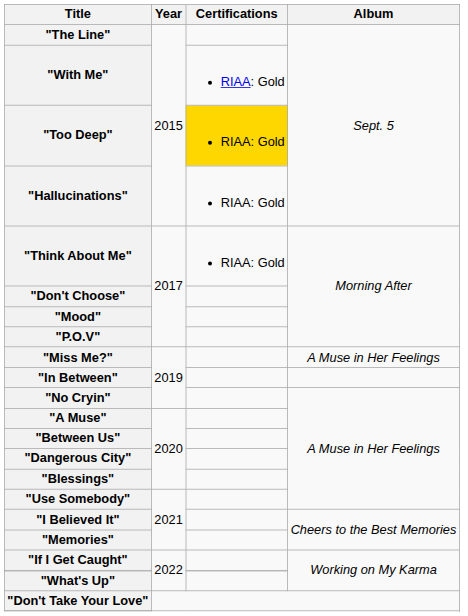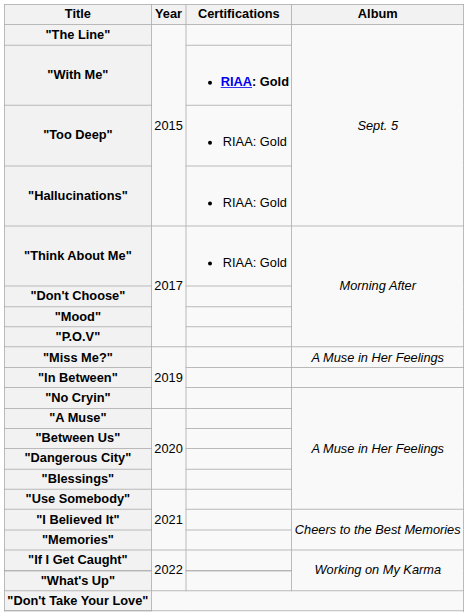 <table class="wikitable plainrowheaders" style="text-align:center;">
 <tr>
 <th scope="col">Title</th>
 <th scope="col">Year</th>
 <th scope="col">Certifications</th>
 <th scope="col">Album</th>
 </tr>
 <tr>
 <th scope="row">"The Line"</th>
 <td rowspan="4">2015</td>
 <td></td>
 <td rowspan="4"><em>Sept. 5</em></td>
 </tr>
 <tr>
 <th scope="row">"With Me"</th>
-<td><br><ul><li><a href='#'>RIAA</a>: Gold</li></ul></td>
+<td><strong><br><ul><li><a href='#'>RIAA</a>: Gold</li></ul></strong></td>
 </tr>
 <tr>
 <th scope="row">"Too Deep"</th>
-<td style="background: gold;"><br><ul><li>RIAA: Gold</li></ul></td>
+<td><br><ul><li>RIAA: Gold</li></ul></td>
 </tr>
 <tr>
 <th scope="row">"Hallucinations"</th>
 <td><br><ul><li>RIAA: Gold</li></ul></td>
 </tr>
 <tr>
 <th scope="row">"Think About Me"</th>
 <td rowspan="4">2017</td>
 <td><br><ul><li>RIAA: Gold</li></ul></td>
 <td rowspan="4"><em>Morning After</em></td>
 </tr>
 <tr>
 <th scope="row">"Don't Choose"</th>
 <td></td>
 </tr>
 <tr>
 <th scope="row">"Mood"</th>
 <td></td>
 </tr>
 <tr>
 <th scope="row">"P.O.V"</th>
 <td></td>
 </tr>
 <tr>
 <th scope="row">"Miss Me?"</th>
 <td rowspan="3">2019</td>
 <td></td>
 <td><em>A Muse in Her Feelings</em></td>
 </tr>
 <tr>
 <th scope="row">"In Between"</th>
 <td></td>
 <td></td>
 </tr>
 <tr>
 <th scope="row">"No Cryin"<br></th>
 <td></td>
 <td rowspan="6"><em>A Muse in Her Feelings</em></td>
 </tr>
 <tr>
 <th scope="row">"A Muse"</th>
 <td rowspan="4">2020</td>
 <td></td>
 </tr>
 <tr>
 <th scope="row">"Between Us"<br></th>
 <td></td>
 </tr>
 <tr>
 <th scope="row">"Dangerous City"<br></th>
 <td></td>
 </tr>
 <tr>
 <th scope="row">"Blessings"</th>
 <td></td>
 </tr>
 <tr>
 <th scope="row">"Use Somebody"</th>
 <td rowspan="3">2021</td>
 <td></td>
 </tr>
 <tr>
 <th scope="row">"I Believed It"<br></th>
 <td></td>
 <td rowspan="2"><em>Cheers to the Best Memories</em></td>
 </tr>
 <tr>
 <th scope="row">"Memories"<br></th>
 <td></td>
 </tr>
 <tr>
 <th scope="row">"If I Get Caught"</th>
 <td rowspan="3">2022</td>
 <td></td>
 <td rowspan="3"><em>Working on My Karma</em></td>
 </tr>
 <tr>
 </tr>
 <tr>
 <th scope="row">"What's Up"<br></th>
 <td></td>
 </tr>
 <tr>
 <th scope="row">"Don't Take Your Love"</th>
 </tr>
 <tr>
 </tr>
 </table>
